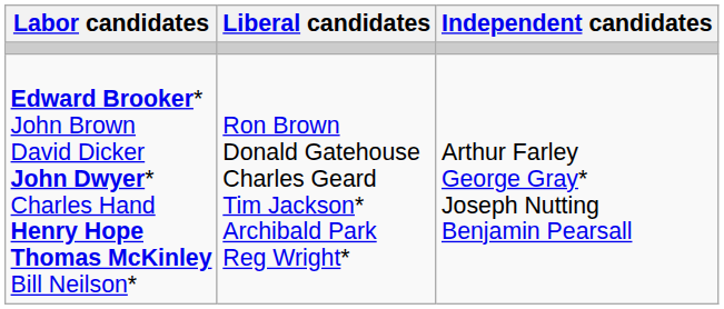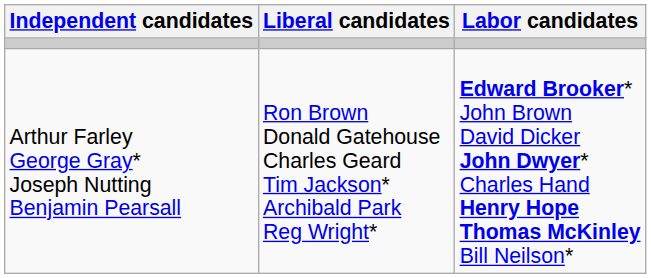 <table class="wikitable">
 <tr>
+<th><a href='#'>Independent</a> candidates</th>
+<th><a href='#'>Liberal</a> candidates</th>
 <th><a href='#'>Labor</a> candidates</th>
-<th><a href='#'>Liberal</a> candidates</th>
-<th><a href='#'>Independent</a> candidates</th>
 </tr>
 <tr bgcolor="#cccccc">
 <td></td>
 <td></td>
 <td></td>
 </tr>
 <tr>
+<td><br>Arthur Farley<br> <a href='#'>George Gray</a>*<br> Joseph Nutting<br> <a href='#'>Benjamin Pearsall</a></td>
+<td><br><a href='#'>Ron Brown</a><br> Donald Gatehouse<br> Charles Geard<br> <a href='#'>Tim Jackson</a>*<br> <a href='#'>Archibald Park</a><br> <a href='#'>Reg Wright</a>*</td>
 <td><br><strong><a href='#'>Edward Brooker</a></strong>*<br> <a href='#'>John Brown</a><br> <a href='#'>David Dicker</a><br> <strong><a href='#'>John Dwyer</a></strong>*<br> <a href='#'>Charles Hand</a><br> <strong><a href='#'>Henry Hope</a></strong><br> <strong><a href='#'>Thomas McKinley</a></strong><br> <a href='#'>Bill Neilson</a>*</td>
-<td><br><a href='#'>Ron Brown</a><br> Donald Gatehouse<br> Charles Geard<br> <a href='#'>Tim Jackson</a>*<br> <a href='#'>Archibald Park</a><br> <a href='#'>Reg Wright</a>*</td>
-<td><br>Arthur Farley<br> <a href='#'>George Gray</a>*<br> Joseph Nutting<br> <a href='#'>Benjamin Pearsall</a></td>
 </tr>
 </table>
